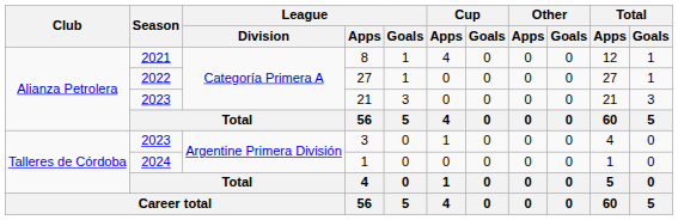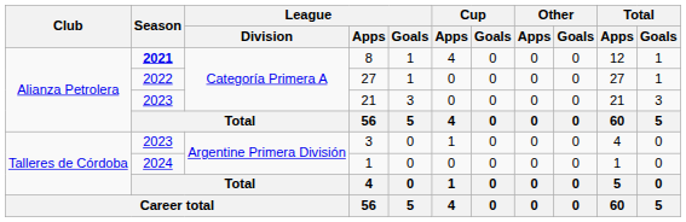 <table class=wikitable style=text-align:center>
 <tr>
 <th rowspan="2">Club</th>
 <th rowspan="2">Season</th>
 <th colspan="3">League</th>
 <th colspan="2">Cup</th>
 <th colspan="2">Other</th>
 <th colspan="2">Total</th>
 </tr>
 <tr>
 <th>Division</th>
 <th>Apps</th>
 <th>Goals</th>
 <th>Apps</th>
 <th>Goals</th>
 <th>Apps</th>
 <th>Goals</th>
 <th>Apps</th>
 <th>Goals</th>
 </tr>
 <tr>
 <td rowspan="4"><a href='#'>Alianza Petrolera</a></td>
-<td><a href='#'>2021</a></td>
+<td><strong><a href='#'>2021</a></strong></td>
 <td rowspan="3"><a href='#'>Categoría Primera A</a></td>
 <td>8</td>
 <td>1</td>
 <td>4</td>
 <td>0</td>
 <td>0</td>
 <td>0</td>
 <td>12</td>
 <td>1</td>
 </tr>
 <tr>
 <td><a href='#'>2022</a></td>
 <td>27</td>
 <td>1</td>
 <td>0</td>
 <td>0</td>
 <td>0</td>
 <td>0</td>
 <td>27</td>
 <td>1</td>
 </tr>
 <tr>
 <td><a href='#'>2023</a></td>
 <td>21</td>
 <td>3</td>
 <td>0</td>
 <td>0</td>
 <td>0</td>
 <td>0</td>
 <td>21</td>
 <td>3</td>
 </tr>
 <tr>
 <th colspan="2">Total</th>
 <th>56</th>
 <th>5</th>
 <th>4</th>
 <th>0</th>
 <th>0</th>
 <th>0</th>
 <th>60</th>
 <th>5</th>
 </tr>
 <tr>
 <td rowspan="3"><a href='#'>Talleres de Córdoba</a></td>
 <td><a href='#'>2023</a></td>
 <td rowspan="2"><a href='#'>Argentine Primera División</a></td>
 <td>3</td>
 <td>0</td>
 <td>1</td>
 <td>0</td>
 <td>0</td>
 <td>0</td>
 <td>4</td>
 <td>0</td>
 </tr>
 <tr>
 <td><a href='#'>2024</a></td>
 <td>1</td>
 <td>0</td>
 <td>0</td>
 <td>0</td>
 <td>0</td>
 <td>0</td>
 <td>1</td>
 <td>0</td>
 </tr>
 <tr>
 <th colspan="2">Total</th>
 <th>4</th>
 <th>0</th>
 <th>1</th>
 <th>0</th>
 <th>0</th>
 <th>0</th>
 <th>5</th>
 <th>0</th>
 </tr>
 <tr>
 <th colspan="3"><strong>Career total</strong></th>
 <th>56</th>
 <th>5</th>
 <th>4</th>
 <th>0</th>
 <th>0</th>
 <th>0</th>
 <th>60</th>
 <th>5</th>
 </tr>
 </table>
